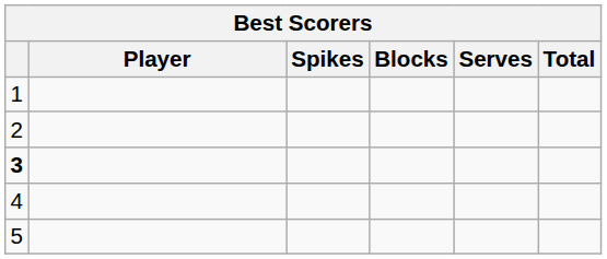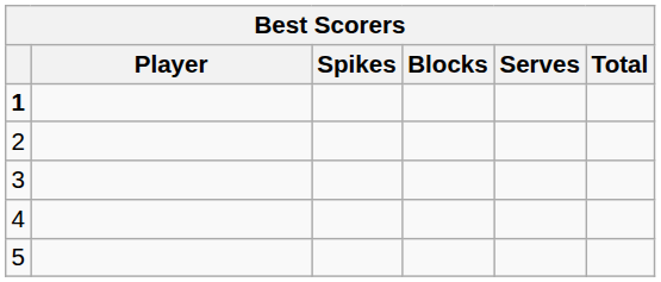 <table class="wikitable sortable" style=font-size:90%>
 <tr>
 <th colspan=6>Best Scorers</th>
 </tr>
 <tr>
 <th></th>
 <th width=158>Player</th>
 <th width=20>Spikes</th>
 <th width=20>Blocks</th>
 <th width=20>Serves</th>
 <th width=20>Total</th>
 </tr>
 <tr>
-<td align=center>1</td>
+<td align=center><strong>1</strong></td>
 <td></td>
 <td align=center></td>
 <td align=center></td>
 <td align=center></td>
 <td align=center></td>
 </tr>
 <tr>
 <td align=center>2</td>
 <td></td>
 <td align=center></td>
 <td align=center></td>
 <td align=center></td>
 <td align=center></td>
 </tr>
 <tr>
-<td align=center><strong>3</strong></td>
+<td align=center>3</td>
 <td></td>
 <td align=center></td>
 <td align=center></td>
 <td align=center></td>
 <td align=center></td>
 </tr>
 <tr>
 <td align=center>4</td>
 <td></td>
 <td align=center></td>
 <td align=center></td>
 <td align=center></td>
 <td align=center></td>
 </tr>
 <tr>
 <td align=center>5</td>
 <td></td>
 <td align=center></td>
 <td align=center></td>
 <td align=center></td>
 <td align=center></td>
 </tr>
 </table>
